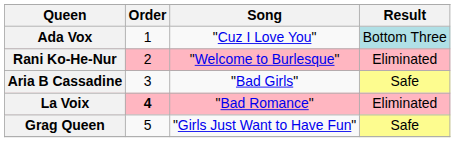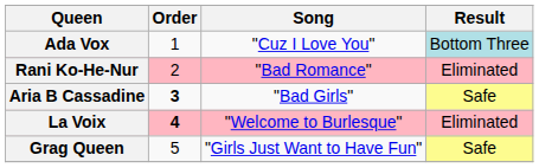 <table class="wikitable plainrowheaders" style="text-align:center;">
 <tr>
 </tr>
 <tr>
 <th scope="col">Queen</th>
 <th scope="col">Order</th>
 <th scope="col">Song</th>
 <th scope="col">Result</th>
 </tr>
 <tr>
 <th>Ada Vox</th>
 <td>1</td>
 <td>"<a href='#'>Cuz I Love You</a>"</td>
 <td style="background:#B0E0E6;">Bottom Three</td>
 </tr>
 <tr style="background:lightpink;">
 <th>Rani Ko-He-Nur</th>
 <td>2</td>
-<td>"<a href='#'>Welcome to Burlesque</a>"</td>
+<td>"<a href='#'>Bad Romance</a>"</td>
 <td>Eliminated</td>
 </tr>
 <tr>
 <th>Aria B Cassadine</th>
-<td>3</td>
+<td><strong>3</strong></td>
 <td>"<a href='#'>Bad Girls</a>"</td>
 <td style="background:#FDFC8F;">Safe</td>
 </tr>
 <tr style="background:lightpink;">
 <th>La Voix</th>
 <td><strong>4</strong></td>
-<td>"<a href='#'>Bad Romance</a>"</td>
+<td>"<a href='#'>Welcome to Burlesque</a>"</td>
 <td>Eliminated</td>
 </tr>
 <tr>
 <th>Grag Queen</th>
 <td>5</td>
 <td>"<a href='#'>Girls Just Want to Have Fun</a>"</td>
 <td style="background:#FDFC8F;">Safe</td>
 </tr>
 <tr>
 </tr>
 </table>
